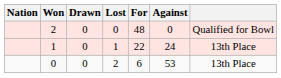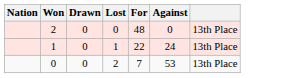 <table class="wikitable" style="text-align: center;">
 <tr>
 <th>Nation</th>
 <th>Won</th>
 <th>Drawn</th>
 <th>Lost</th>
 <th>For</th>
 <th>Against</th>
 <th></th>
 </tr>
 <tr bgcolor="FFE4E1">
 <td align="left"></td>
 <td>2</td>
 <td>0</td>
 <td>0</td>
 <td>48</td>
 <td>0</td>
-<td>Qualified for Bowl</td>
+<td>13th Place</td>
 </tr>
 <tr bgcolor="FFE4E1">
 <td align="left"></td>
 <td>1</td>
 <td>0</td>
 <td>1</td>
 <td>22</td>
 <td>24</td>
 <td>13th Place</td>
 </tr>
 <tr>
 <td align="left"></td>
 <td>0</td>
 <td>0</td>
 <td>2</td>
-<td>6</td>
+<td>7</td>
 <td>53</td>
 <td>13th Place</td>
 </tr>
 </table>
